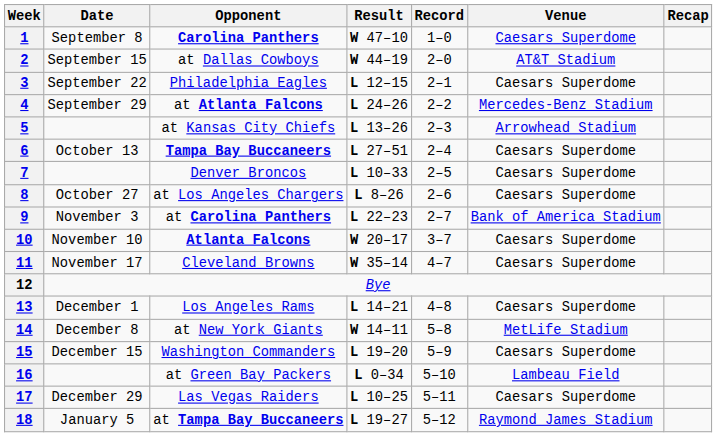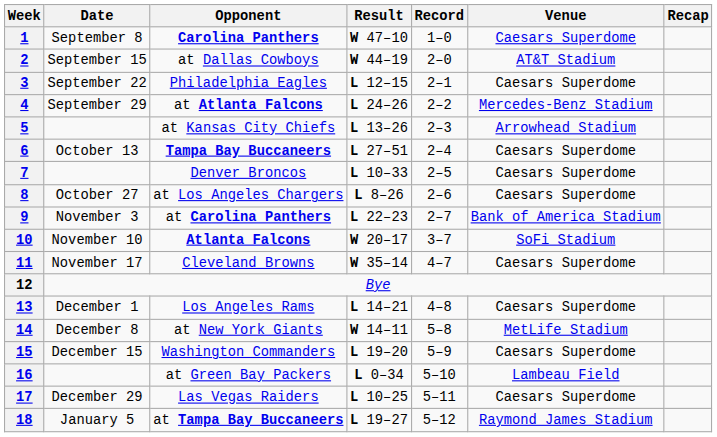 <table class="wikitable" style="text-align:center">
 <tr>
 <th>Week</th>
 <th>Date</th>
 <th>Opponent</th>
 <th>Result</th>
 <th>Record</th>
 <th>Venue</th>
 <th>Recap</th>
 </tr>
 <tr>
 <th><a href='#'>1</a></th>
 <td>September 8</td>
 <td><strong><a href='#'>Carolina Panthers</a></strong></td>
 <td><strong>W</strong> 47–10</td>
 <td>1–0</td>
 <td><a href='#'>Caesars Superdome</a></td>
 <td></td>
 </tr>
 <tr>
 <th><a href='#'>2</a></th>
 <td>September 15</td>
 <td>at <a href='#'>Dallas Cowboys</a></td>
 <td><strong>W</strong> 44–19</td>
 <td>2–0</td>
 <td><a href='#'>AT&T Stadium</a></td>
 <td></td>
 </tr>
 <tr>
 <th><a href='#'>3</a></th>
 <td>September 22</td>
 <td><a href='#'>Philadelphia Eagles</a></td>
 <td><strong>L</strong> 12–15</td>
 <td>2–1</td>
 <td>Caesars Superdome</td>
 <td></td>
 </tr>
 <tr>
 <th><a href='#'>4</a></th>
 <td>September 29</td>
 <td>at <strong><a href='#'>Atlanta Falcons</a></strong></td>
 <td><strong>L</strong> 24–26</td>
 <td>2–2</td>
 <td><a href='#'>Mercedes-Benz Stadium</a></td>
 <td></td>
 </tr>
 <tr>
 <th><a href='#'>5</a></th>
 <td></td>
 <td>at <a href='#'>Kansas City Chiefs</a></td>
 <td><strong>L</strong> 13–26</td>
 <td>2–3</td>
 <td><a href='#'>Arrowhead Stadium</a></td>
 <td></td>
 </tr>
 <tr>
 <th><a href='#'>6</a></th>
 <td>October 13</td>
 <td><strong><a href='#'>Tampa Bay Buccaneers</a></strong></td>
 <td><strong>L</strong> 27–51</td>
 <td>2–4</td>
 <td>Caesars Superdome</td>
 <td></td>
 </tr>
 <tr>
 <th><a href='#'>7</a></th>
 <td></td>
 <td><a href='#'>Denver Broncos</a></td>
 <td><strong>L</strong> 10–33</td>
 <td>2–5</td>
 <td>Caesars Superdome</td>
 <td></td>
 </tr>
 <tr>
 <th><a href='#'>8</a></th>
 <td>October 27</td>
 <td>at <a href='#'>Los Angeles Chargers</a></td>
 <td><strong>L</strong> 8–26</td>
 <td>2–6</td>
 <td>Caesars Superdome</td>
 <td></td>
 </tr>
 <tr>
 <th><a href='#'>9</a></th>
 <td>November 3</td>
 <td>at <strong><a href='#'>Carolina Panthers</a></strong></td>
 <td><strong>L</strong> 22–23</td>
 <td>2–7</td>
 <td><a href='#'>Bank of America Stadium</a></td>
 <td></td>
 </tr>
 <tr>
 <th><a href='#'>10</a></th>
 <td>November 10</td>
 <td><strong><a href='#'>Atlanta Falcons</a></strong></td>
 <td><strong>W</strong> 20–17</td>
 <td>3–7</td>
-<td>Caesars Superdome</td>
+<td><a href='#'>SoFi Stadium</a></td>
 <td></td>
 </tr>
 <tr>
 <th><a href='#'>11</a></th>
 <td>November 17</td>
 <td><a href='#'>Cleveland Browns</a></td>
 <td><strong>W</strong> 35–14</td>
 <td>4–7</td>
 <td>Caesars Superdome</td>
 <td></td>
 </tr>
 <tr>
 <th>12</th>
 <td colspan="6"><em><a href='#'>Bye</a></em></td>
 </tr>
 <tr>
 <th><a href='#'>13</a></th>
 <td>December 1</td>
 <td><a href='#'>Los Angeles Rams</a></td>
 <td><strong>L</strong> 14–21</td>
 <td>4–8</td>
 <td>Caesars Superdome</td>
 <td></td>
 </tr>
 <tr>
 <th><a href='#'>14</a></th>
 <td>December 8</td>
 <td>at <a href='#'>New York Giants</a></td>
 <td><strong>W</strong> 14–11</td>
 <td>5–8</td>
 <td><a href='#'>MetLife Stadium</a></td>
 <td></td>
 </tr>
 <tr>
 <th><a href='#'>15</a></th>
 <td>December 15</td>
 <td><a href='#'>Washington Commanders</a></td>
 <td><strong>L</strong> 19–20</td>
 <td>5–9</td>
 <td>Caesars Superdome</td>
 <td></td>
 </tr>
 <tr>
 <th><a href='#'>16</a></th>
 <td></td>
 <td>at <a href='#'>Green Bay Packers</a></td>
 <td><strong>L</strong> 0–34</td>
 <td>5–10</td>
 <td><a href='#'>Lambeau Field</a></td>
 <td></td>
 </tr>
 <tr>
 <th><a href='#'>17</a></th>
 <td>December 29</td>
 <td><a href='#'>Las Vegas Raiders</a></td>
 <td><strong>L</strong> 10–25</td>
 <td>5–11</td>
 <td>Caesars Superdome</td>
 <td></td>
 </tr>
 <tr>
 <th><a href='#'>18</a></th>
 <td>January 5</td>
 <td>at <strong><a href='#'>Tampa Bay Buccaneers</a></strong></td>
 <td><strong>L</strong> 19–27</td>
 <td>5–12</td>
 <td><a href='#'>Raymond James Stadium</a></td>
 <td></td>
 </tr>
 </table>
